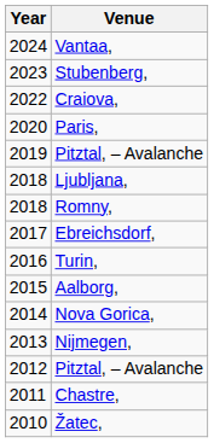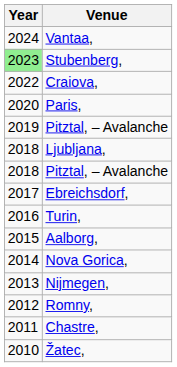 <table class="wikitable">
 <tr>
 <th>Year</th>
 <th>Venue</th>
 </tr>
 <tr>
 <td>2024</td>
 <td><a href='#'>Vantaa</a>, </td>
 </tr>
 <tr>
-<td>2023</td>
+<td style="background: lightgreen;">2023</td>
 <td><a href='#'>Stubenberg</a>, </td>
 </tr>
 <tr>
 <td>2022</td>
 <td><a href='#'>Craiova</a>, </td>
 </tr>
 <tr>
 <td>2020</td>
 <td><a href='#'>Paris</a>, </td>
 </tr>
 <tr>
 <td>2019</td>
 <td><a href='#'>Pitztal</a>,  – Avalanche</td>
 </tr>
 <tr>
 <td>2018</td>
 <td><a href='#'>Ljubljana</a>, </td>
 </tr>
 <tr>
 <td>2018</td>
-<td><a href='#'>Romny</a>, </td>
+<td><a href='#'>Pitztal</a>,  – Avalanche</td>
 </tr>
 <tr>
 <td>2017</td>
 <td><a href='#'>Ebreichsdorf</a>, </td>
 </tr>
 <tr>
 <td>2016</td>
 <td><a href='#'>Turin</a>, </td>
 </tr>
 <tr>
 <td>2015</td>
 <td><a href='#'>Aalborg</a>, </td>
 </tr>
 <tr>
 <td>2014</td>
 <td><a href='#'>Nova Gorica</a>, </td>
 </tr>
 <tr>
 <td>2013</td>
 <td><a href='#'>Nijmegen</a>, </td>
 </tr>
 <tr>
 <td>2012</td>
-<td><a href='#'>Pitztal</a>,  – Avalanche</td>
+<td><a href='#'>Romny</a>, </td>
 </tr>
 <tr>
 <td>2011</td>
 <td><a href='#'>Chastre</a>, </td>
 </tr>
 <tr>
 <td>2010</td>
 <td><a href='#'>Žatec</a>, </td>
 </tr>
 </table>
